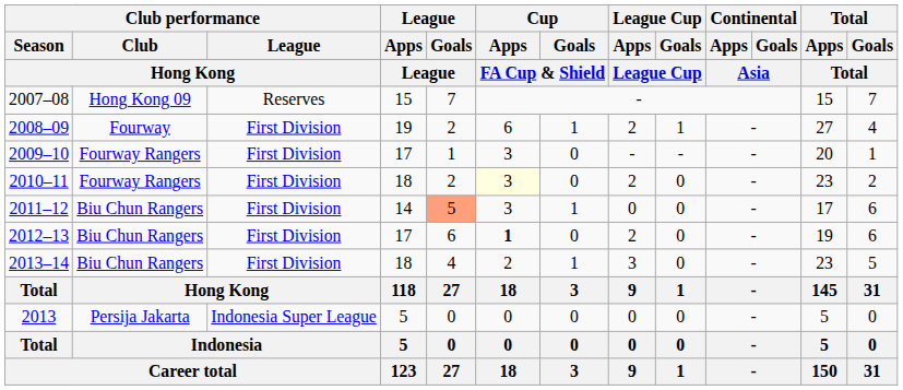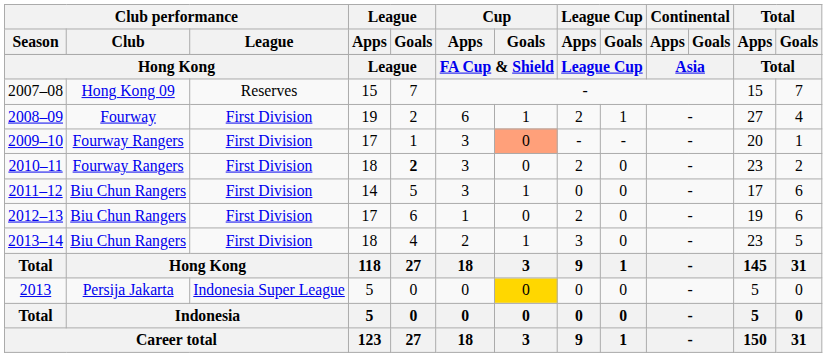 <table class="wikitable" style="text-align:center">
 <tr>
 <th colspan=3>Club performance</th>
 <th colspan=2>League</th>
 <th colspan=2>Cup</th>
 <th colspan=2>League Cup</th>
 <th colspan=2>Continental</th>
 <th colspan=2>Total</th>
 </tr>
 <tr>
 <th>Season</th>
 <th>Club</th>
 <th>League</th>
 <th>Apps</th>
 <th>Goals</th>
 <th>Apps</th>
 <th>Goals</th>
 <th>Apps</th>
 <th>Goals</th>
 <th>Apps</th>
 <th>Goals</th>
 <th>Apps</th>
 <th>Goals</th>
 </tr>
 <tr>
 </tr>
 <tr>
 <th colspan=3>Hong Kong</th>
 <th colspan=2>League</th>
 <th colspan=2><a href='#'>FA Cup</a> & <a href='#'>Shield</a></th>
 <th colspan=2><a href='#'>League Cup</a></th>
 <th colspan=2><a href='#'>Asia</a></th>
 <th colspan=2>Total</th>
 </tr>
 <tr>
 <td>2007–08</td>
 <td><a href='#'>Hong Kong 09</a></td>
 <td>Reserves</td>
 <td>15</td>
 <td>7</td>
 <td colspan="6">-</td>
 <td>15</td>
 <td>7</td>
 </tr>
 <tr>
 <td><a href='#'>2008–09</a></td>
 <td><a href='#'>Fourway</a></td>
 <td><a href='#'>First Division</a></td>
 <td>19</td>
 <td>2</td>
 <td>6</td>
 <td>1</td>
 <td>2</td>
 <td>1</td>
 <td colspan="2">-</td>
 <td>27</td>
 <td>4</td>
 </tr>
 <tr>
 <td><a href='#'>2009–10</a></td>
 <td><a href='#'>Fourway Rangers</a></td>
 <td><a href='#'>First Division</a></td>
 <td>17</td>
 <td>1</td>
 <td>3</td>
-<td>0</td>
+<td style="background: lightsalmon;">0</td>
 <td>-</td>
 <td>-</td>
 <td colspan="2">-</td>
 <td>20</td>
 <td>1</td>
 </tr>
 <tr>
 <td><a href='#'>2010–11</a></td>
 <td><a href='#'>Fourway Rangers</a></td>
 <td><a href='#'>First Division</a></td>
 <td>18</td>
-<td>2</td>
-<td style="background: lightyellow;">3</td>
+<td><strong>2</strong></td>
+<td>3</td>
 <td>0</td>
 <td>2</td>
 <td>0</td>
 <td colspan="2">-</td>
 <td>23</td>
 <td>2</td>
 </tr>
 <tr>
 <td><a href='#'>2011–12</a></td>
 <td><a href='#'>Biu Chun Rangers</a></td>
 <td><a href='#'>First Division</a></td>
 <td>14</td>
-<td style="background: lightsalmon;">5</td>
+<td>5</td>
 <td>3</td>
 <td>1</td>
 <td>0</td>
 <td>0</td>
 <td colspan="2">-</td>
 <td>17</td>
 <td>6</td>
 </tr>
 <tr>
 <td><a href='#'>2012–13</a></td>
 <td><a href='#'>Biu Chun Rangers</a></td>
 <td><a href='#'>First Division</a></td>
 <td>17</td>
 <td>6</td>
-<td><strong>1</strong></td>
+<td>1</td>
 <td>0</td>
 <td>2</td>
 <td>0</td>
 <td colspan="2">-</td>
 <td>19</td>
 <td>6</td>
 </tr>
 <tr>
 <td><a href='#'>2013–14</a></td>
 <td><a href='#'>Biu Chun Rangers</a></td>
 <td><a href='#'>First Division</a></td>
 <td>18</td>
 <td>4</td>
 <td>2</td>
 <td>1</td>
 <td>3</td>
 <td>0</td>
 <td colspan="2">-</td>
 <td>23</td>
 <td>5</td>
 </tr>
 <tr>
 <th rowspan=1>Total</th>
 <th colspan=2>Hong Kong</th>
 <th>118</th>
 <th>27</th>
 <th>18</th>
 <th>3</th>
 <th>9</th>
 <th>1</th>
 <th colspan="2">-</th>
 <th>145</th>
 <th>31</th>
 </tr>
 <tr>
 <td><a href='#'>2013</a></td>
 <td><a href='#'>Persija Jakarta</a></td>
 <td><a href='#'>Indonesia Super League</a></td>
 <td>5</td>
 <td>0</td>
 <td>0</td>
-<td>0</td>
+<td style="background: gold;">0</td>
 <td>0</td>
 <td>0</td>
 <td colspan="2">-</td>
 <td>5</td>
 <td>0</td>
 </tr>
 <tr>
 <th rowspan=1>Total</th>
 <th colspan=2>Indonesia</th>
 <th>5</th>
 <th>0</th>
 <th>0</th>
 <th>0</th>
 <th>0</th>
 <th>0</th>
 <th colspan="2">-</th>
 <th>5</th>
 <th>0</th>
 </tr>
 <tr>
 <th colspan=3>Career total</th>
 <th>123</th>
 <th>27</th>
 <th>18</th>
 <th>3</th>
 <th>9</th>
 <th>1</th>
 <th colspan="2">-</th>
 <th>150</th>
 <th>31</th>
 </tr>
 </table>
